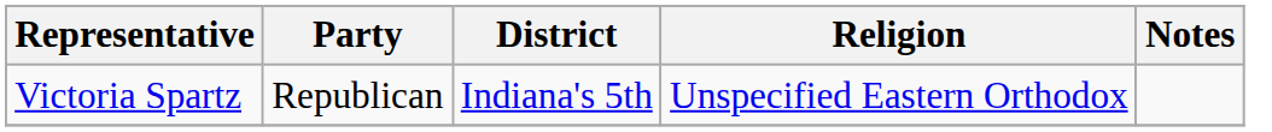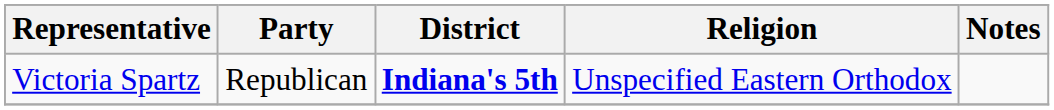 <table class="wikitable sortable" style="text-align:center">
 <tr>
 <th>Representative</th>
 <th>Party</th>
 <th>District</th>
 <th>Religion</th>
 <th>Notes</th>
 </tr>
 <tr>
 <td align=left nowrap> <a href='#'>Victoria Spartz</a></td>
 <td>Republican</td>
-<td><a href='#'>Indiana's 5th</a></td>
+<td><strong><a href='#'>Indiana's 5th</a></strong></td>
 <td><a href='#'>Unspecified Eastern Orthodox</a></td>
 <td></td>
 </tr>
 <tr>
 </tr>
 </table>
